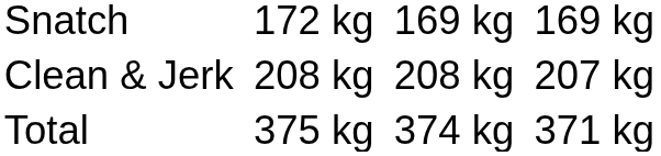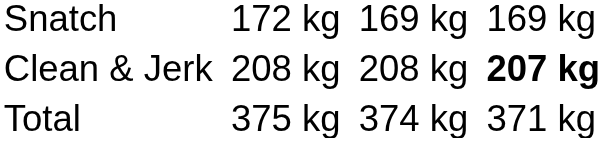 <table>
 <tr>
 <td>Snatch</td>
 <td></td>
 <td>172 kg</td>
 <td></td>
 <td>169 kg</td>
 <td></td>
 <td>169 kg</td>
 </tr>
 <tr>
 <td>Clean & Jerk</td>
 <td></td>
 <td>208 kg</td>
 <td></td>
 <td>208 kg</td>
 <td></td>
-<td>207 kg</td>
+<td><strong>207 kg</strong></td>
 </tr>
 <tr>
 <td>Total</td>
 <td></td>
 <td>375 kg</td>
 <td></td>
 <td>374 kg</td>
 <td></td>
 <td>371 kg</td>
 </tr>
 </table>
